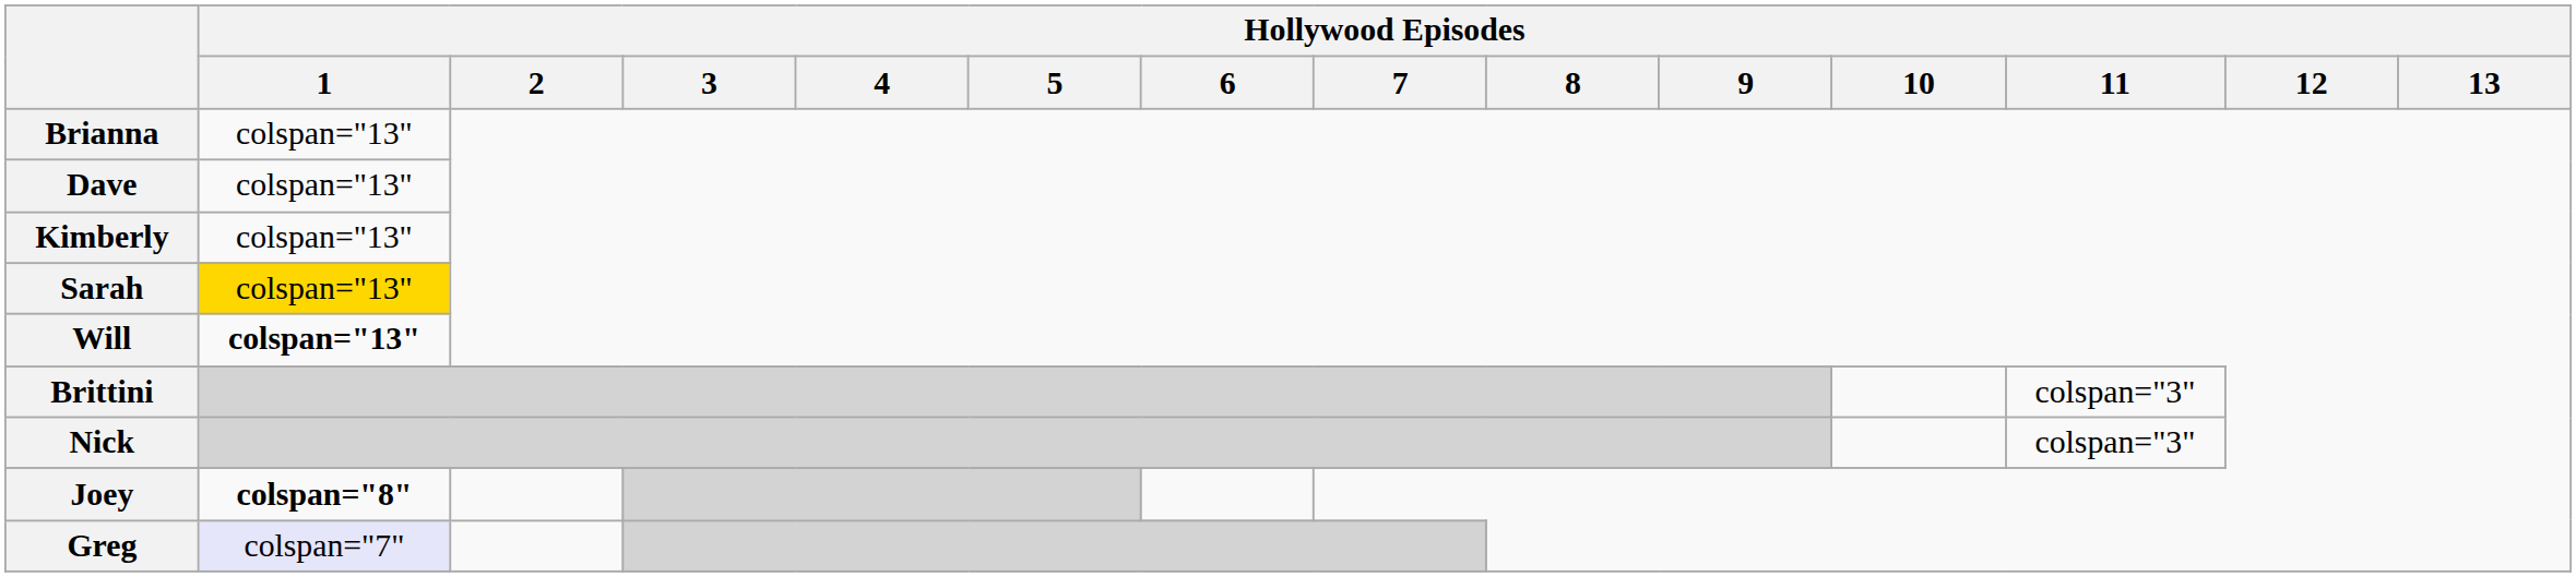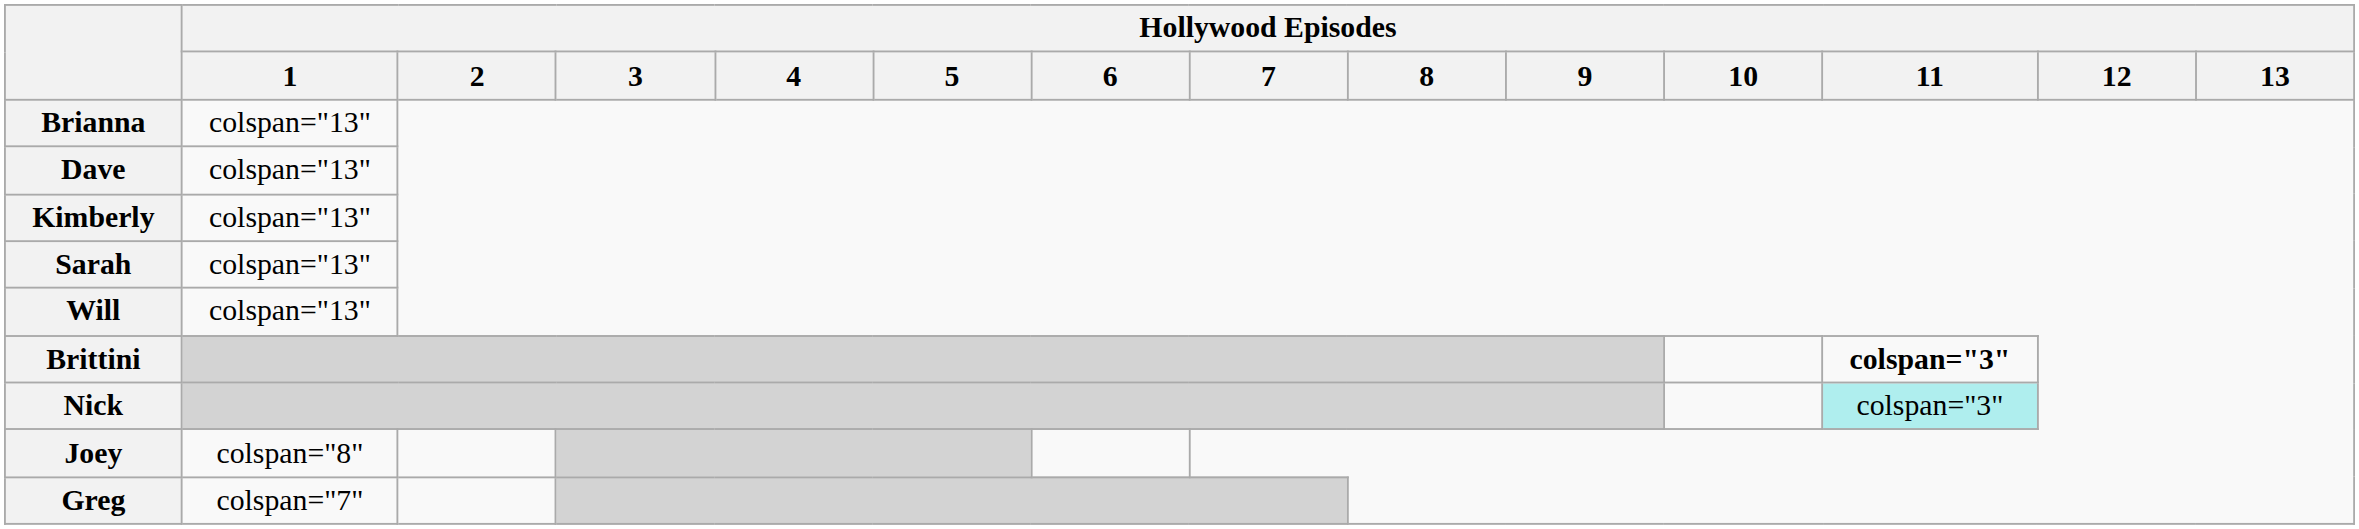 <table class="wikitable" style="text-align:center; width:100%">
 <tr>
 <th scope="col" rowspan="2" style="width:5%;"></th>
 <th scope="colgroup" colspan="13">Hollywood Episodes</th>
 </tr>
 <tr>
 <th scope="col" style="width:5%;">1</th>
 <th scope="col" style="width:5%;">2</th>
 <th scope="col" style="width:5%;">3</th>
 <th scope="col" style="width:5%;">4</th>
 <th scope="col" style="width:5%;">5</th>
 <th scope="col" style="width:5%;">6</th>
 <th scope="col" style="width:5%;">7</th>
 <th scope="col" style="width:5%;">8</th>
 <th scope="col" style="width:5%;">9</th>
 <th scope="col" style="width:5%;">10</th>
 <th scope="col" style="width:5%;">11</th>
 <th scope="col" style="width:5%;">12</th>
 <th scope="col" style="width:5%;">13</th>
 </tr>
 <tr>
 <th scope="row">Brianna</th>
 <td>colspan="13" </td>
 </tr>
 <tr>
 <th scope="row">Dave</th>
 <td>colspan="13" </td>
 </tr>
 <tr>
 <th scope="row">Kimberly</th>
 <td>colspan="13" </td>
 </tr>
 <tr>
 <th scope="row">Sarah</th>
-<td style="background: gold;">colspan="13" </td>
+<td>colspan="13" </td>
 </tr>
 <tr>
 <th scope="row">Will</th>
-<td><strong>colspan="13" </strong></td>
+<td>colspan="13" </td>
 </tr>
 <tr>
 <th scope="row">Brittini</th>
 <td style="background:lightgrey;" colspan="9"></td>
 <td></td>
-<td>colspan="3" </td>
+<td><strong>colspan="3" </strong></td>
 </tr>
 <tr>
 <th scope="row">Nick</th>
 <td style="background:lightgrey;" colspan="9"></td>
 <td></td>
-<td>colspan="3" </td>
+<td style="background: paleturquoise;">colspan="3" </td>
 </tr>
 <tr>
 <th scope="row">Joey</th>
-<td><strong>colspan="8" </strong></td>
+<td>colspan="8" </td>
 <td></td>
 <td style="background:lightgrey;" colspan="3"></td>
 <td></td>
 </tr>
 <tr>
 <th scope="row">Greg</th>
-<td style="background: lavender;">colspan="7" </td>
+<td>colspan="7" </td>
 <td></td>
 <td style="background:lightgrey;" colspan="5"></td>
 </tr>
 </table>
